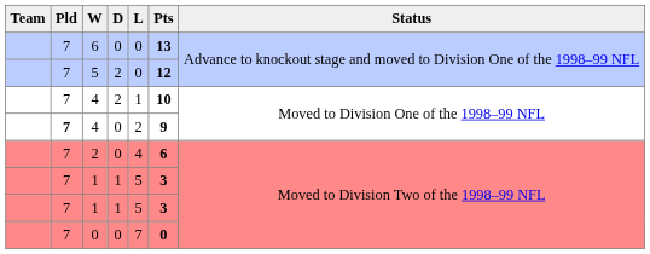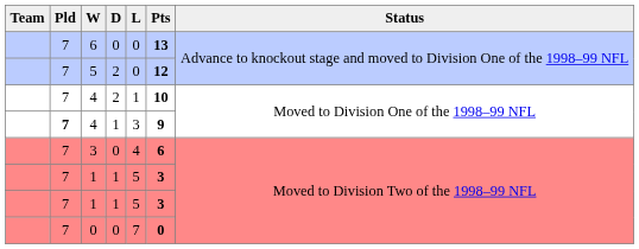 <table style=border-collapse:collapse border=1 cellspacing=0 cellpadding=5>
 <tr align=center bgcolor=#efefef>
 <th>Team</th>
 <th>Pld</th>
 <th>W</th>
 <th>D</th>
 <th>L</th>
 <th>Pts</th>
 <th>Status</th>
 </tr>
 <tr align=center style="background:#bbccff;">
 <td style="text-align:left;"> </td>
 <td>7</td>
 <td>6</td>
 <td>0</td>
 <td>0</td>
 <td><strong>13</strong></td>
 <td rowspan=2>Advance to knockout stage and moved to Division One of the <a href='#'>1998–99 NFL</a></td>
 </tr>
 <tr align=center style="background:#bbccff;">
 <td style="text-align:left;"> </td>
 <td>7</td>
 <td>5</td>
 <td>2</td>
 <td>0</td>
 <td><strong>12</strong></td>
 </tr>
 <tr align=center style="background:#FFFFFF;">
 <td style="text-align:left;"> </td>
 <td>7</td>
 <td>4</td>
 <td>2</td>
 <td>1</td>
 <td><strong>10</strong></td>
 <td rowspan=2>Moved to Division One of the <a href='#'>1998–99 NFL</a></td>
 </tr>
 <tr align=center style="background:#FFFFFF;">
 <td style="text-align:left;"> </td>
 <td><strong>7</strong></td>
 <td>4</td>
-<td>0</td>
-<td>2</td>
+<td>1</td>
+<td>3</td>
 <td><strong>9</strong></td>
 </tr>
 <tr align=center style="background:#FF8888;">
 <td style="text-align:left;"> </td>
 <td>7</td>
-<td>2</td>
+<td>3</td>
 <td>0</td>
 <td>4</td>
 <td><strong>6</strong></td>
 <td rowspan=4>Moved to Division Two of the <a href='#'>1998–99 NFL</a></td>
 </tr>
 <tr align=center style="background:#FF8888;">
 <td style="text-align:left;"> </td>
 <td>7</td>
 <td>1</td>
 <td>1</td>
 <td>5</td>
 <td><strong>3</strong></td>
 </tr>
 <tr align=center style="background:#FF8888;">
 <td style="text-align:left;"> </td>
 <td>7</td>
 <td>1</td>
 <td>1</td>
 <td>5</td>
 <td><strong>3</strong></td>
 </tr>
 <tr align=center style="background:#FF8888;">
 <td style="text-align:left;"> </td>
 <td>7</td>
 <td>0</td>
 <td>0</td>
 <td>7</td>
 <td><strong>0</strong></td>
 </tr>
 </table>
